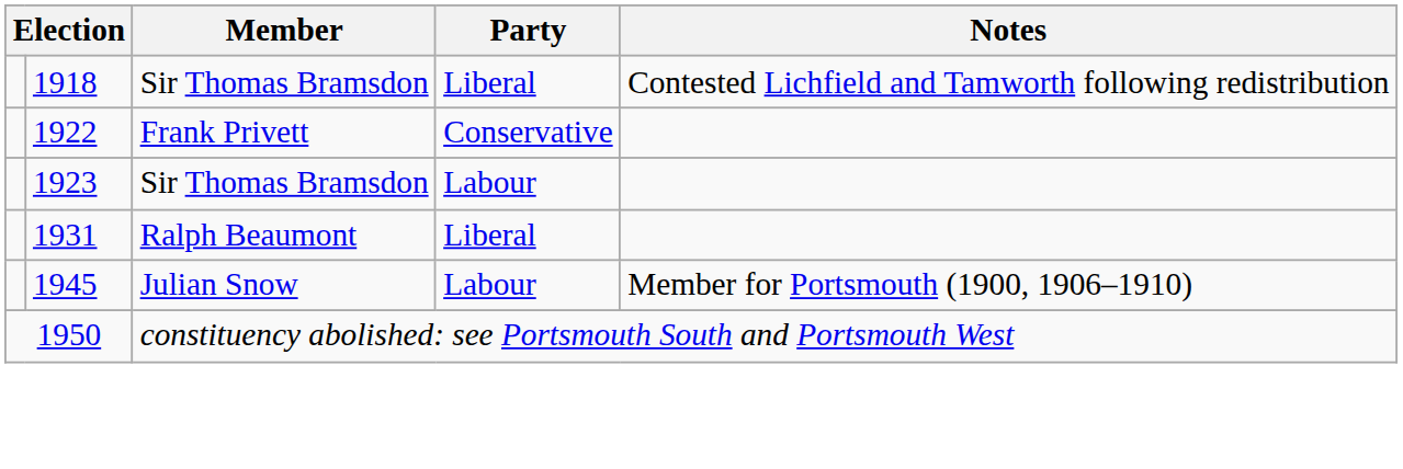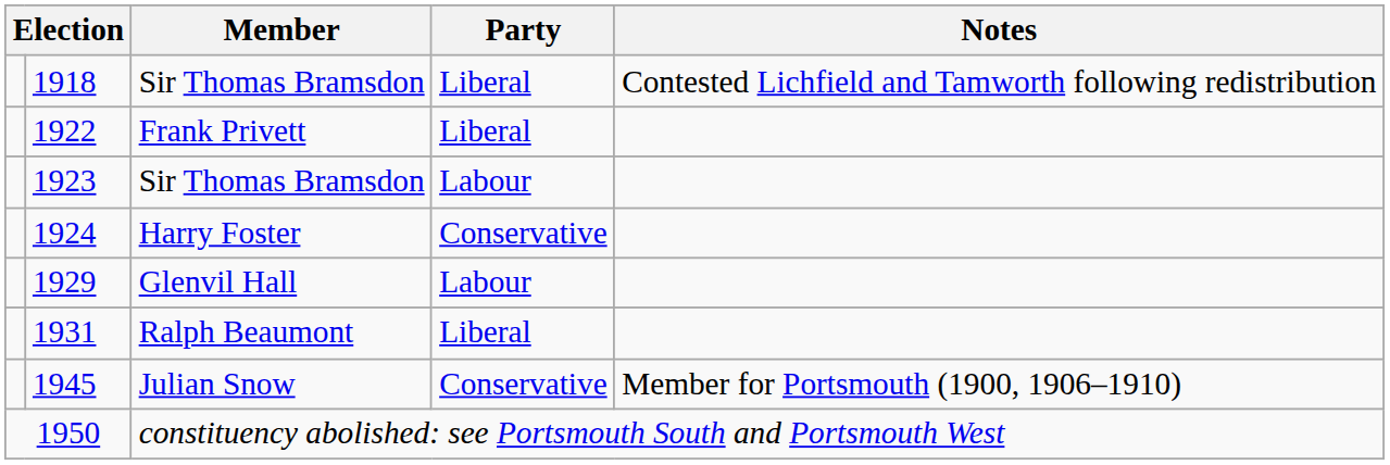 <table class="wikitable">
 <tr>
 <th colspan="2">Election</th>
 <th>Member</th>
 <th>Party</th>
 <th>Notes</th>
 </tr>
 <tr>
 <td style="color:inherit;background-color: "></td>
 <td><a href='#'>1918</a></td>
 <td>Sir <a href='#'>Thomas Bramsdon</a></td>
 <td><a href='#'>Liberal</a></td>
 <td>Contested <a href='#'>Lichfield and Tamworth</a> following redistribution</td>
 </tr>
 <tr>
 <td style="color:inherit;background-color: "></td>
 <td><a href='#'>1922</a></td>
 <td><a href='#'>Frank Privett</a></td>
-<td><a href='#'>Conservative</a></td>
+<td><a href='#'>Liberal</a></td>
 <td></td>
 </tr>
 <tr>
 <td style="color:inherit;background-color: "></td>
 <td><a href='#'>1923</a></td>
 <td>Sir <a href='#'>Thomas Bramsdon</a></td>
+<td><a href='#'>Labour</a></td>
+<td></td>
+</tr>
+<tr>
+<td style="color:inherit;background-color: "></td>
+<td><a href='#'>1924</a></td>
+<td><a href='#'>Harry Foster</a></td>
+<td><a href='#'>Conservative</a></td>
+<td></td>
+</tr>
+<tr>
+<td style="color:inherit;background-color: "></td>
+<td><a href='#'>1929</a></td>
+<td><a href='#'>Glenvil Hall</a></td>
 <td><a href='#'>Labour</a></td>
 <td></td>
 </tr>
 <tr>
 <td style="color:inherit;background-color: "></td>
 <td><a href='#'>1931</a></td>
 <td><a href='#'>Ralph Beaumont</a></td>
 <td><a href='#'>Liberal</a></td>
 <td></td>
 </tr>
 <tr>
 <td style="color:inherit;background-color: "></td>
 <td><a href='#'>1945</a></td>
 <td><a href='#'>Julian Snow</a></td>
-<td><a href='#'>Labour</a></td>
+<td><a href='#'>Conservative</a></td>
 <td>Member for <a href='#'>Portsmouth</a> (1900, 1906–1910)</td>
 </tr>
 <tr>
 <td colspan="2" align="center"><a href='#'>1950</a></td>
 <td colspan="3"><em>constituency abolished: see <a href='#'>Portsmouth South</a> and <a href='#'>Portsmouth West</a></td>
 </tr>
 </table>
